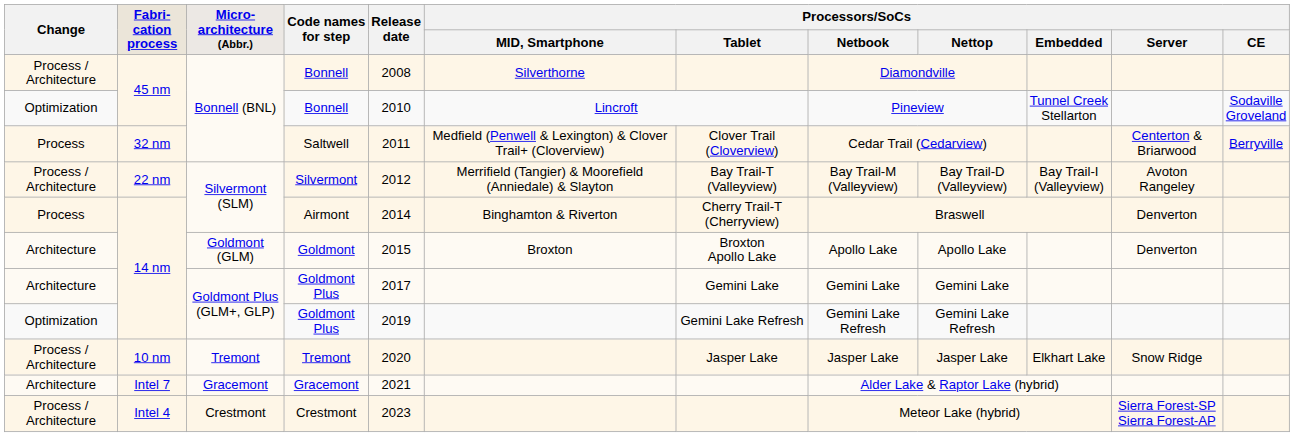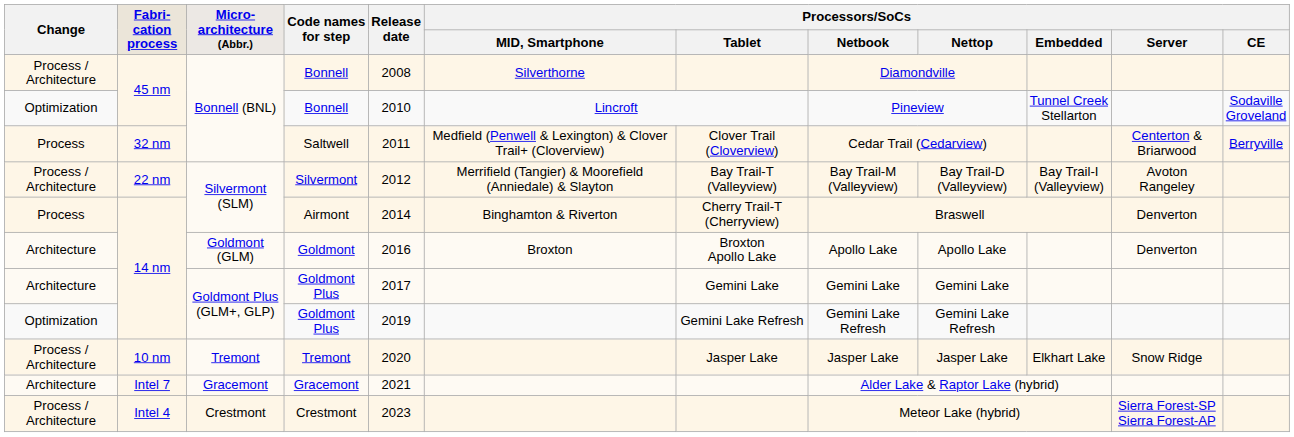 <table class="wikitable mw-datatable" style="text-align: center">
 <tr>
 <th rowspan="2">Change</th>
 <th rowspan="2" style="background-color:#EBE5D9"><a href='#'>Fabri­cation<br>process</a></th>
 <th rowspan="2" style="background-color:#ECE8E4"><a href='#'>Micro-<br>architecture</a><br><small>(Abbr.)</small></th>
 <th rowspan="2">Code names<br>for step</th>
 <th rowspan="2">Release<br>date</th>
 <th colspan="7">Processors/SoCs</th>
 </tr>
 <tr>
 <th><abbr>MID</abbr>, Smartphone</th>
 <th>Tablet</th>
 <th>Netbook</th>
 <th>Nettop</th>
 <th>Embedded</th>
 <th>Server</th>
 <th><abbr>CE</abbr></th>
 </tr>
 <tr style="background-color:#FEF6E7">
 <td>Process / Architecture</td>
 <td rowspan="2"><a href='#'>45 nm</a></td>
 <td rowspan="3" style="background-color:#FEFAF3"><a href='#'>Bonnell</a> (BNL)</td>
 <td><a href='#'>Bonnell</a></td>
 <td>2008</td>
 <td><a href='#'>Silverthorne</a></td>
 <td></td>
 <td colspan="2"><a href='#'>Diamondville</a></td>
 <td></td>
 <td></td>
 <td></td>
 </tr>
 <tr>
 <td>Optimization</td>
 <td><a href='#'>Bonnell</a></td>
 <td>2010</td>
 <td colspan="2"><a href='#'>Lincroft</a></td>
 <td colspan="2"><a href='#'>Pineview</a></td>
 <td><a href='#'>Tunnel Creek</a><br>Stellarton</td>
 <td></td>
 <td><a href='#'>Sodaville</a><br><a href='#'>Groveland</a></td>
 </tr>
 <tr style="background-color:#FEF6E7">
 <td>Process</td>
 <td><a href='#'>32 nm</a></td>
 <td>Saltwell</td>
 <td>2011</td>
 <td>Medfield (<a href='#'>Penwell</a> & Lexington) & Clover Trail+ (Cloverview) </td>
 <td>Clover Trail (<a href='#'>Cloverview</a>) </td>
 <td colspan="2">Cedar Trail (<a href='#'>Cedarview</a>)</td>
 <td></td>
 <td><a href='#'>Centerton</a> & Briarwood</td>
 <td><a href='#'>Berryville</a></td>
 </tr>
 <tr style="background-color:#FEF6E7">
 <td>Process / Architecture</td>
 <td><a href='#'>22 nm</a></td>
 <td rowspan="2" style="background-color:#FEFAF3"><a href='#'>Silvermont</a> (SLM)</td>
 <td><a href='#'>Silvermont</a></td>
 <td>2012</td>
 <td>Merrifield (Tangier) & Moorefield (Anniedale) & Slayton</td>
 <td>Bay Trail-T<br>(Valleyview)</td>
 <td>Bay Trail-M<br>(Valleyview)</td>
 <td>Bay Trail-D<br>(Valleyview)</td>
 <td>Bay Trail-I<br>(Valleyview)</td>
 <td>Avoton<br>Rangeley</td>
 <td></td>
 </tr>
 <tr style="background-color:#FEF6E7">
 <td>Process</td>
 <td rowspan="4"><a href='#'>14 nm</a></td>
 <td>Airmont</td>
 <td>2014</td>
 <td>Binghamton & Riverton</td>
 <td>Cherry Trail-T (Cherryview)</td>
 <td colspan="3">Braswell</td>
 <td>Denverton<br></td>
 <td></td>
 </tr>
 <tr style="background-color:#FEFAF3">
 <td>Architecture</td>
 <td><a href='#'>Goldmont</a><br>(GLM)</td>
 <td><a href='#'>Goldmont</a></td>
-<td>2015</td>
+<td>2016</td>
 <td>Broxton </td>
 <td>Broxton <br>Apollo Lake</td>
 <td>Apollo Lake</td>
 <td>Apollo Lake</td>
 <td></td>
 <td>Denverton</td>
 <td></td>
 </tr>
 <tr style="background-color:#FEFAF3">
 <td>Architecture</td>
 <td rowspan="2"><a href='#'>Goldmont Plus</a><br>(GLM+, GLP)</td>
 <td><a href='#'>Goldmont Plus</a></td>
 <td>2017</td>
 <td></td>
 <td>Gemini Lake</td>
 <td>Gemini Lake</td>
 <td>Gemini Lake</td>
 <td></td>
 <td></td>
 <td></td>
 </tr>
 <tr>
 <td>Optimization</td>
 <td><a href='#'>Goldmont Plus</a></td>
 <td>2019</td>
 <td></td>
 <td>Gemini Lake Refresh</td>
 <td>Gemini Lake Refresh</td>
 <td>Gemini Lake Refresh</td>
 <td></td>
 <td></td>
 <td></td>
 </tr>
 <tr style="background-color:#FEF6E7">
 <td>Process / Architecture</td>
 <td><a href='#'>10 nm</a></td>
 <td style="background-color:#FEFAF3"><a href='#'>Tremont</a></td>
 <td><a href='#'>Tremont</a></td>
 <td>2020</td>
 <td></td>
 <td>Jasper Lake</td>
 <td>Jasper Lake</td>
 <td>Jasper Lake</td>
 <td>Elkhart Lake</td>
 <td>Snow Ridge</td>
 <td></td>
 </tr>
 <tr style="background-color:#FEFAF3">
 <td>Architecture</td>
 <td style="background-color:#FEF6E7"><a href='#'>Intel 7</a></td>
 <td style="background-color:#FEFAF3"><a href='#'>Gracemont</a></td>
 <td><a href='#'>Gracemont</a></td>
 <td>2021</td>
 <td></td>
 <td></td>
 <td colspan="3"><a href='#'>Alder Lake</a> & <a href='#'>Raptor Lake</a> (hybrid)</td>
 <td></td>
 <td></td>
 </tr>
 <tr style="background-color:#FEF6E7">
 <td>Process / Architecture</td>
 <td><a href='#'>Intel 4</a></td>
 <td>Crestmont</td>
 <td>Crestmont</td>
 <td>2023</td>
 <td></td>
 <td></td>
 <td colspan="3">Meteor Lake (hybrid)</td>
 <td><a href='#'>Sierra Forest-SP</a><br><a href='#'>Sierra Forest-AP</a></td>
 <td></td>
 </tr>
 </table>
